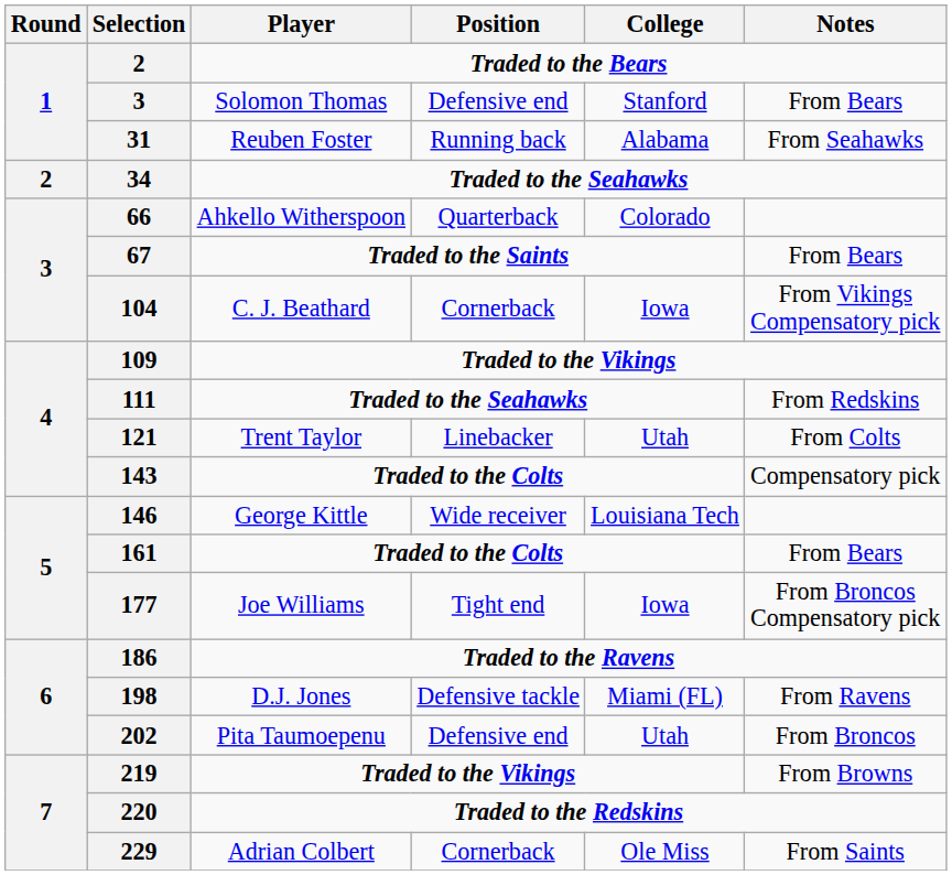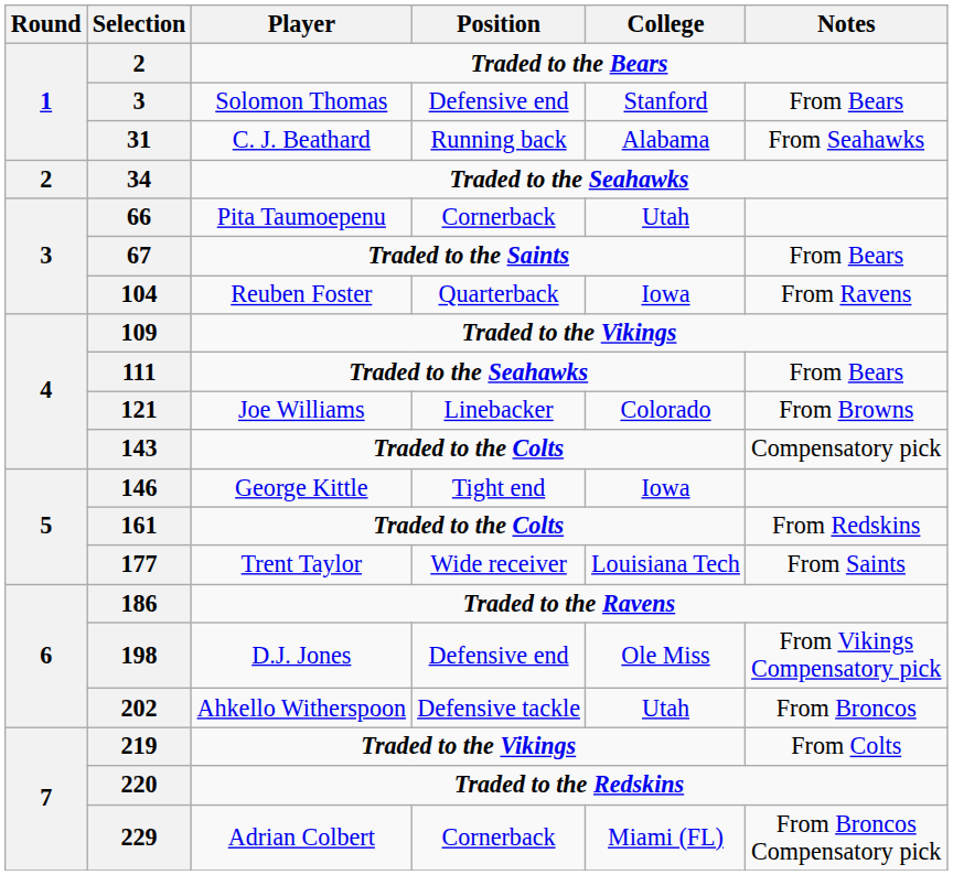 <table class="wikitable" style="text-align:center">
 <tr>
 <th>Round</th>
 <th>Selection</th>
 <th>Player</th>
 <th>Position</th>
 <th>College</th>
 <th>Notes</th>
 </tr>
 <tr>
 <th rowspan=3><a href='#'>1</a></th>
 <th>2</th>
 <td colspan="4"><strong><em>Traded to the <a href='#'>Bears</a></em></strong></td>
 </tr>
 <tr>
 <th>3</th>
 <td><a href='#'>Solomon Thomas</a></td>
 <td><a href='#'>Defensive end</a></td>
 <td><a href='#'>Stanford</a></td>
 <td>From <a href='#'>Bears</a></td>
 </tr>
 <tr>
 <th>31</th>
-<td><a href='#'>Reuben Foster</a></td>
+<td><a href='#'>C. J. Beathard</a></td>
 <td><a href='#'>Running back</a></td>
 <td><a href='#'>Alabama</a></td>
 <td>From <a href='#'>Seahawks</a></td>
 </tr>
 <tr>
 <th>2</th>
 <th>34</th>
 <td colspan="4"><strong><em>Traded to the <a href='#'>Seahawks</a></em></strong></td>
 </tr>
 <tr>
 <th rowspan=3>3</th>
 <th>66</th>
-<td><a href='#'>Ahkello Witherspoon</a></td>
-<td><a href='#'>Quarterback</a></td>
-<td><a href='#'>Colorado</a></td>
+<td><a href='#'>Pita Taumoepenu</a></td>
+<td><a href='#'>Cornerback</a></td>
+<td><a href='#'>Utah</a></td>
 <td></td>
 </tr>
 <tr>
 <th>67</th>
 <td colspan="3"><strong><em>Traded to the <a href='#'>Saints</a></em></strong></td>
 <td>From <a href='#'>Bears</a></td>
 </tr>
 <tr>
 <th>104</th>
-<td><a href='#'>C. J. Beathard</a></td>
-<td><a href='#'>Cornerback</a></td>
+<td><a href='#'>Reuben Foster</a></td>
+<td><a href='#'>Quarterback</a></td>
 <td><a href='#'>Iowa</a></td>
-<td>From <a href='#'>Vikings</a><br><a href='#'>Compensatory pick</a></td>
+<td>From <a href='#'>Ravens</a></td>
 </tr>
 <tr>
 <th rowspan=4>4</th>
 <th>109</th>
 <td colspan="4"><strong><em>Traded to the <a href='#'>Vikings</a></em></strong></td>
 </tr>
 <tr>
 <th>111</th>
 <td colspan="3"><strong><em>Traded to the <a href='#'>Seahawks</a></em></strong></td>
-<td>From <a href='#'>Redskins</a></td>
+<td>From <a href='#'>Bears</a></td>
 </tr>
 <tr>
 <th>121</th>
-<td><a href='#'>Trent Taylor</a></td>
+<td><a href='#'>Joe Williams</a></td>
 <td><a href='#'>Linebacker</a></td>
-<td><a href='#'>Utah</a></td>
-<td>From <a href='#'>Colts</a></td>
+<td><a href='#'>Colorado</a></td>
+<td>From <a href='#'>Browns</a></td>
 </tr>
 <tr>
 <th>143</th>
 <td colspan="3"><strong><em>Traded to the <a href='#'>Colts</a></em></strong></td>
 <td>Compensatory pick</td>
 </tr>
 <tr>
 <th rowspan=3>5</th>
 <th>146</th>
 <td><a href='#'>George Kittle</a></td>
-<td><a href='#'>Wide receiver</a></td>
-<td><a href='#'>Louisiana Tech</a></td>
+<td><a href='#'>Tight end</a></td>
+<td><a href='#'>Iowa</a></td>
 <td></td>
 </tr>
 <tr>
 <th>161</th>
 <td colspan="3"><strong><em>Traded to the <a href='#'>Colts</a></em></strong></td>
-<td>From <a href='#'>Bears</a></td>
+<td>From <a href='#'>Redskins</a></td>
 </tr>
 <tr>
 <th>177</th>
-<td><a href='#'>Joe Williams</a></td>
-<td><a href='#'>Tight end</a></td>
-<td><a href='#'>Iowa</a></td>
-<td>From <a href='#'>Broncos</a><br>Compensatory pick</td>
+<td><a href='#'>Trent Taylor</a></td>
+<td><a href='#'>Wide receiver</a></td>
+<td><a href='#'>Louisiana Tech</a></td>
+<td>From <a href='#'>Saints</a></td>
 </tr>
 <tr>
 <th rowspan=3>6</th>
 <th>186</th>
 <td colspan="4"><strong><em>Traded to the <a href='#'>Ravens</a></em></strong></td>
 </tr>
 <tr>
 <th>198</th>
 <td><a href='#'>D.J. Jones</a></td>
-<td><a href='#'>Defensive tackle</a></td>
-<td><a href='#'>Miami (FL)</a></td>
-<td>From <a href='#'>Ravens</a></td>
+<td><a href='#'>Defensive end</a></td>
+<td><a href='#'>Ole Miss</a></td>
+<td>From <a href='#'>Vikings</a><br><a href='#'>Compensatory pick</a></td>
 </tr>
 <tr>
 <th>202</th>
-<td><a href='#'>Pita Taumoepenu</a></td>
-<td><a href='#'>Defensive end</a></td>
+<td><a href='#'>Ahkello Witherspoon</a></td>
+<td><a href='#'>Defensive tackle</a></td>
 <td><a href='#'>Utah</a></td>
 <td>From <a href='#'>Broncos</a></td>
 </tr>
 <tr>
 <th rowspan=3>7</th>
 <th>219</th>
 <td colspan="3"><strong><em>Traded to the <a href='#'>Vikings</a></em></strong></td>
-<td>From <a href='#'>Browns</a></td>
+<td>From <a href='#'>Colts</a></td>
 </tr>
 <tr>
 <th>220</th>
 <td colspan="4"><strong><em>Traded to the <a href='#'>Redskins</a></em></strong></td>
 </tr>
 <tr>
 <th>229</th>
 <td><a href='#'>Adrian Colbert</a></td>
 <td><a href='#'>Cornerback</a></td>
-<td><a href='#'>Ole Miss</a></td>
-<td>From <a href='#'>Saints</a></td>
+<td><a href='#'>Miami (FL)</a></td>
+<td>From <a href='#'>Broncos</a><br>Compensatory pick</td>
 </tr>
 </table>
